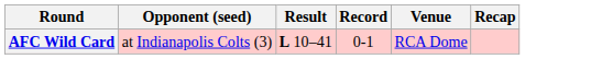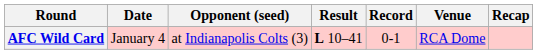 <table class="wikitable" style="text-align:center">
 <tr>
 <th>Round</th>
+<th>Date</th>
 <th>Opponent (seed)</th>
 <th>Result</th>
 <th>Record</th>
 <th>Venue</th>
 <th>Recap</th>
 </tr>
 <tr style="background:#fcc">
 <th><a href='#'>AFC Wild Card</a></th>
+<td>January 4</td>
 <td>at <a href='#'>Indianapolis Colts</a> (3)</td>
 <td><strong>L</strong>  10–41</td>
 <td>0-1</td>
 <td><a href='#'>RCA Dome</a></td>
 <td></td>
 </tr>
 </table>
